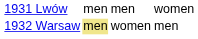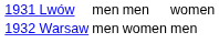 <table>
 <tr>
 <td> <a href='#'>1931 Lwów</a></td>
 <td> men</td>
 <td> men</td>
 <td> women</td>
 </tr>
 <tr>
 <td> <a href='#'>1932 Warsaw</a></td>
-<td style="background: khaki;"> men</td>
+<td> men</td>
 <td> women</td>
 <td> men</td>
 </tr>
 </table>
